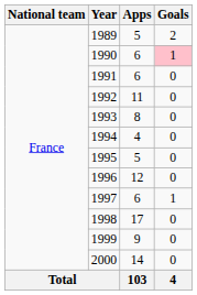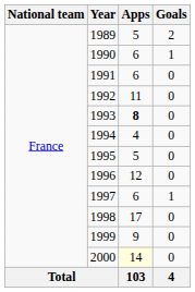 <table class="wikitable" style="text-align:center">
 <tr>
 <th>National team</th>
 <th>Year</th>
 <th>Apps</th>
 <th>Goals</th>
 </tr>
 <tr>
 <td rowspan="12"><a href='#'>France</a></td>
 <td>1989</td>
 <td>5</td>
 <td>2</td>
 </tr>
 <tr>
 <td>1990</td>
 <td>6</td>
-<td style="background: pink;">1</td>
+<td>1</td>
 </tr>
 <tr>
 <td>1991</td>
 <td>6</td>
 <td>0</td>
 </tr>
 <tr>
 <td>1992</td>
 <td>11</td>
 <td>0</td>
 </tr>
 <tr>
 <td>1993</td>
-<td>8</td>
+<td><strong>8</strong></td>
 <td>0</td>
 </tr>
 <tr>
 <td>1994</td>
 <td>4</td>
 <td>0</td>
 </tr>
 <tr>
 <td>1995</td>
 <td>5</td>
 <td>0</td>
 </tr>
 <tr>
 <td>1996</td>
 <td>12</td>
 <td>0</td>
 </tr>
 <tr>
 <td>1997</td>
 <td>6</td>
 <td>1</td>
 </tr>
 <tr>
 <td>1998</td>
 <td>17</td>
 <td>0</td>
 </tr>
 <tr>
 <td>1999</td>
 <td>9</td>
 <td>0</td>
 </tr>
 <tr>
 <td>2000</td>
-<td>14</td>
+<td style="background: lightyellow;">14</td>
 <td>0</td>
 </tr>
 <tr>
 <th colspan="2">Total</th>
 <th>103</th>
 <th>4</th>
 </tr>
 </table>
